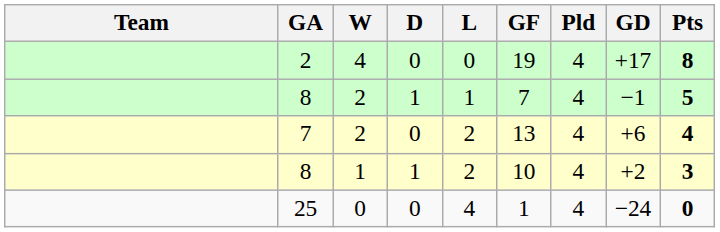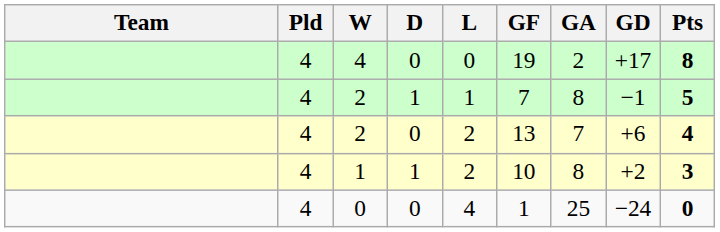 <table class=wikitable style="text-align:center">
 <tr>
 <th width="180">Team</th>
-<th width="30">GA</th>
+<th width="30">Pld</th>
 <th width="30">W</th>
 <th width="30">D</th>
 <th width="30">L</th>
 <th width="30">GF</th>
-<th width="30">Pld</th>
+<th width="30">GA</th>
 <th width="30">GD</th>
 <th width="30">Pts</th>
 </tr>
 <tr bgcolor="ccffcc">
 <td align=left></td>
-<td>2</td>
+<td>4</td>
 <td>4</td>
 <td>0</td>
 <td>0</td>
 <td>19</td>
-<td>4</td>
+<td>2</td>
 <td>+17</td>
 <td><strong>8</strong></td>
 </tr>
 <tr bgcolor="ccffcc">
 <td align=left></td>
-<td>8</td>
+<td>4</td>
 <td>2</td>
 <td>1</td>
 <td>1</td>
 <td>7</td>
-<td>4</td>
+<td>8</td>
 <td>−1</td>
 <td><strong>5</strong></td>
 </tr>
 <tr bgcolor="ffffcc">
 <td align=left></td>
-<td>7</td>
+<td>4</td>
 <td>2</td>
 <td>0</td>
 <td>2</td>
 <td>13</td>
-<td>4</td>
+<td>7</td>
 <td>+6</td>
 <td><strong>4</strong></td>
 </tr>
 <tr bgcolor="ffffcc">
 <td align=left></td>
-<td>8</td>
+<td>4</td>
 <td>1</td>
 <td>1</td>
 <td>2</td>
 <td>10</td>
-<td>4</td>
+<td>8</td>
 <td>+2</td>
 <td><strong>3</strong></td>
 </tr>
 <tr>
 <td align=left></td>
-<td>25</td>
+<td>4</td>
 <td>0</td>
 <td>0</td>
 <td>4</td>
 <td>1</td>
-<td>4</td>
+<td>25</td>
 <td>−24</td>
 <td><strong>0</strong></td>
 </tr>
 </table>
